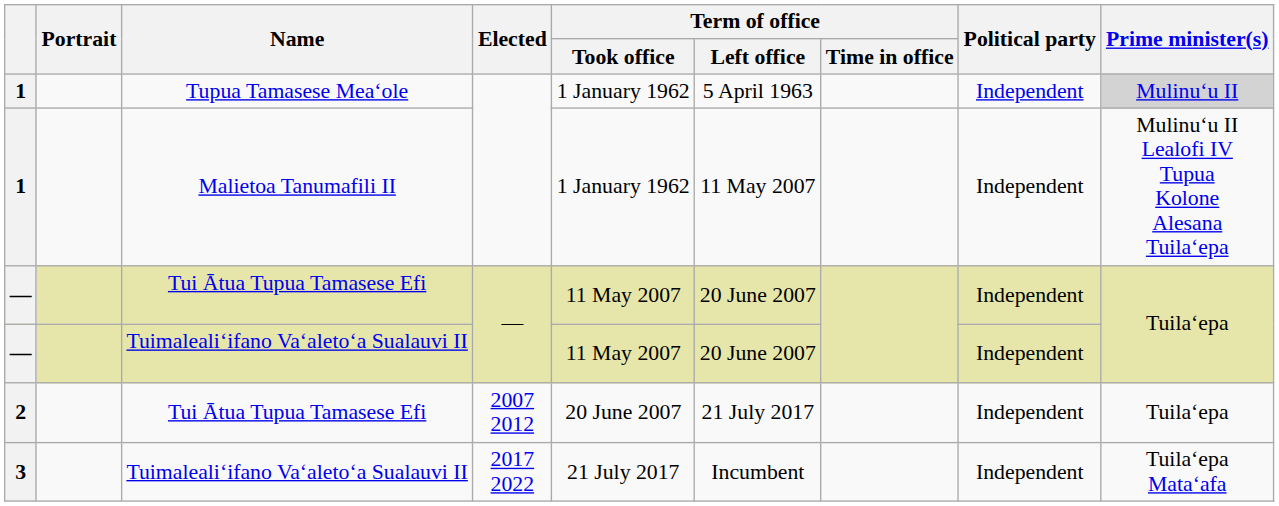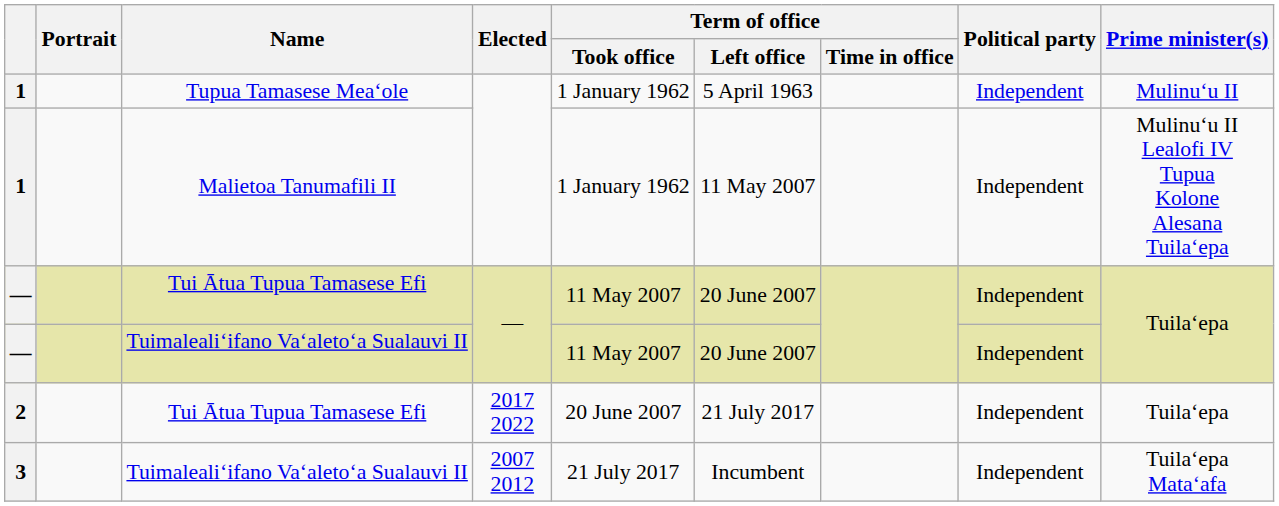 <table class="wikitable" style="font-size:100%;text-align:center">
 <tr>
 <th rowspan="2"></th>
 <th rowspan="2">Portrait</th>
 <th rowspan="2">Name<br></th>
 <th rowspan="2">Elected</th>
 <th colspan="3">Term of office</th>
 <th rowspan="2">Political party</th>
 <th rowspan="2"><a href='#'>Prime minister(s)</a></th>
 </tr>
 <tr>
 <th>Took office</th>
 <th>Left office</th>
 <th>Time in office</th>
 </tr>
 <tr>
 <th style="background:">1</th>
 <td></td>
 <td><a href='#'>Tupua Tamasese Meaʻole</a><br></td>
 <td rowspan="2"></td>
 <td>1 January 1962</td>
 <td>5 April 1963</td>
 <td></td>
 <td><a href='#'>Independent</a></td>
-<td style="background: lightgrey;"><a href='#'>Mulinuʻu II</a></td>
+<td><a href='#'>Mulinuʻu II</a></td>
 </tr>
 <tr>
 <th style="background:">1</th>
 <td></td>
 <td><a href='#'>Malietoa Tanumafili II</a><br></td>
 <td>1 January 1962</td>
 <td>11 May 2007</td>
 <td></td>
 <td>Independent</td>
 <td>Mulinuʻu II<br><a href='#'>Lealofi IV</a><br><a href='#'>Tupua</a><br><a href='#'>Kolone</a><br><a href='#'>Alesana</a><br><a href='#'>Tuilaʻepa</a></td>
 </tr>
 <tr style="background:#e6e6aa;">
 <th style="background:">—</th>
 <td></td>
 <td><a href='#'>Tui Ātua Tupua Tamasese Efi</a><br><br></td>
 <td rowspan="2">—</td>
 <td>11 May 2007</td>
 <td>20 June 2007</td>
 <td rowspan="2"></td>
 <td>Independent</td>
 <td rowspan="2">Tuilaʻepa</td>
 </tr>
 <tr style="background:#e6e6aa;">
 <th style="background:">—</th>
 <td></td>
 <td><a href='#'>Tuimalealiʻifano Vaʻaletoʻa Sualauvi II</a><br><br></td>
 <td>11 May 2007</td>
 <td>20 June 2007</td>
 <td>Independent</td>
 </tr>
 <tr>
 <th style="background:">2</th>
 <td></td>
 <td><a href='#'>Tui Ātua Tupua Tamasese Efi</a><br></td>
-<td><a href='#'>2007</a><br><a href='#'>2012</a></td>
+<td><a href='#'>2017</a><br><a href='#'>2022</a></td>
 <td>20 June 2007</td>
 <td>21 July 2017</td>
 <td></td>
 <td>Independent</td>
 <td>Tuilaʻepa</td>
 </tr>
 <tr>
 <th style="background:">3</th>
 <td></td>
 <td><a href='#'>Tuimalealiʻifano Vaʻaletoʻa Sualauvi II</a><br></td>
-<td><a href='#'>2017</a><br><a href='#'>2022</a></td>
+<td><a href='#'>2007</a><br><a href='#'>2012</a></td>
 <td>21 July 2017</td>
 <td>Incumbent</td>
 <td></td>
 <td>Independent</td>
 <td>Tuilaʻepa<br><a href='#'>Mataʻafa</a></td>
 </tr>
 </table>
